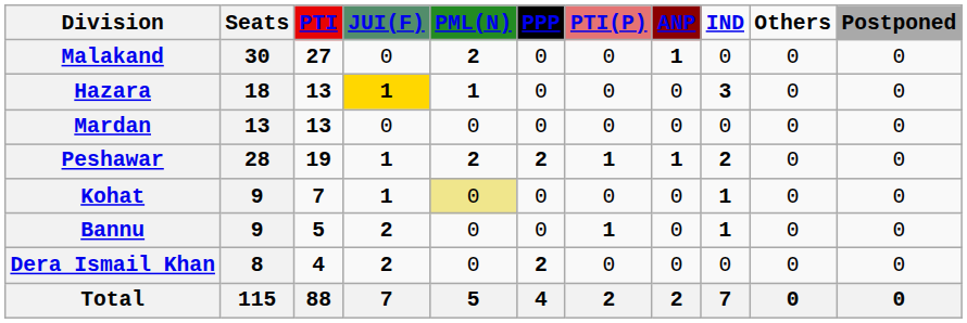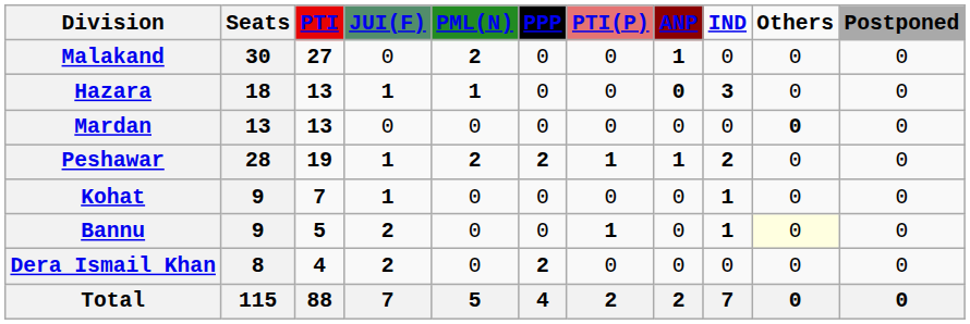 <table class="wikitable sortable" style="text-align:center;">
 <tr>
 <th>Division</th>
 <th>Seats</th>
 <td style="background:#E70404;"><a href='#'><span><strong>PTI</strong></span></a></td>
 <td style="background:#528d6b;"><a href='#'><span><strong>JUI(F)</strong></span></a></td>
 <td style="background:#228b22;"><a href='#'><span><strong>PML(N)</strong></span></a></td>
 <td style="background:#000000;"><a href='#'><span><strong>PPP</strong></span></a></td>
 <td style="background:#e57373;"><a href='#'><span><strong>PTI(P)</strong></span></a></td>
 <td style="background:#8b0000;"><a href='#'><span><strong>ANP</strong></span></a></td>
 <td><a href='#'><span><strong>IND</strong></span></a></td>
 <td><span><strong>Others</strong></span></td>
 <td bgcolor="#a9a9a9"><span><strong>Postponed</strong></span></td>
 </tr>
 <tr>
 <th><a href='#'>Malakand</a></th>
 <th>30</th>
 <td><span><strong>27</strong></span></td>
 <td>0</td>
 <td><strong>2</strong></td>
 <td>0</td>
 <td>0</td>
 <td><strong>1</strong></td>
 <td>0</td>
 <td>0</td>
 <td>0</td>
 </tr>
 <tr>
 <th><a href='#'>Hazara</a></th>
 <th>18</th>
 <td><span><strong>13</strong></span></td>
-<td style="background: gold;"><strong>1</strong></td>
+<td><strong>1</strong></td>
 <td><strong>1</strong></td>
 <td>0</td>
 <td>0</td>
-<td>0</td>
+<td><strong>0</strong></td>
 <td><strong>3</strong></td>
 <td>0</td>
 <td>0</td>
 </tr>
 <tr>
 <th><a href='#'>Mardan</a></th>
 <th>13</th>
 <td><span><strong>13</strong></span></td>
 <td>0</td>
 <td>0</td>
 <td>0</td>
 <td>0</td>
 <td>0</td>
 <td>0</td>
-<td>0</td>
+<td><strong>0</strong></td>
 <td>0</td>
 </tr>
 <tr>
 <th><a href='#'>Peshawar</a></th>
 <th>28</th>
 <td><span><strong>19</strong></span></td>
 <td><strong>1</strong></td>
 <td><strong>2</strong></td>
 <td><strong>2</strong></td>
 <td><strong>1</strong></td>
 <td><strong>1</strong></td>
 <td><strong>2</strong></td>
 <td>0</td>
 <td>0</td>
 </tr>
 <tr>
 <th><a href='#'>Kohat</a></th>
 <th>9</th>
 <td><span><strong>7</strong></span></td>
 <td><strong>1</strong></td>
-<td style="background: khaki;">0</td>
+<td>0</td>
 <td>0</td>
 <td>0</td>
 <td>0</td>
 <td><strong>1</strong></td>
 <td>0</td>
 <td>0</td>
 </tr>
 <tr>
 <th><a href='#'>Bannu</a></th>
 <th>9</th>
 <td><span><strong>5</strong></span></td>
 <td><strong>2</strong></td>
 <td>0</td>
 <td>0</td>
 <td><strong>1</strong></td>
 <td>0</td>
 <td><strong>1</strong></td>
-<td>0</td>
+<td style="background: lightyellow;">0</td>
 <td>0</td>
 </tr>
 <tr>
 <th><a href='#'>Dera Ismail Khan</a></th>
 <th>8</th>
 <td><span><strong>4</strong></span></td>
 <td><strong>2</strong></td>
 <td>0</td>
 <td><strong>2</strong></td>
 <td>0</td>
 <td>0</td>
 <td>0</td>
 <td>0</td>
 <td>0</td>
 </tr>
 <tr>
 <th>Total</th>
 <th>115</th>
 <th>88</th>
 <th>7</th>
 <th>5</th>
 <th>4</th>
 <th>2</th>
 <th>2</th>
 <th>7</th>
 <th>0</th>
 <th>0</th>
 </tr>
 </table>
